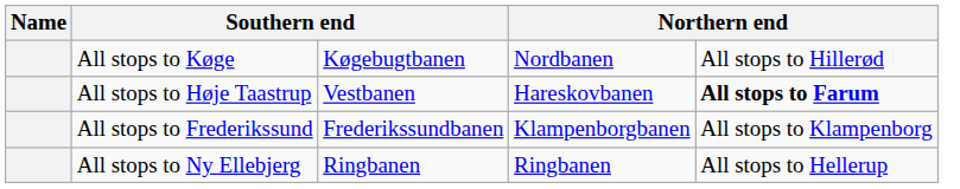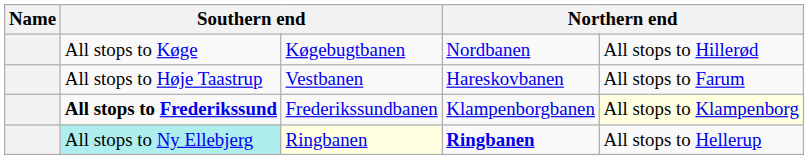 <table class="wikitable">
 <tr>
 <th>Name</th>
 <th colspan="2">Southern end</th>
 <th colspan="2">Northern end</th>
 </tr>
 <tr>
 <th></th>
 <td>All stops to <a href='#'>Køge</a></td>
 <td><a href='#'>Køgebugtbanen</a></td>
 <td><a href='#'>Nordbanen</a></td>
 <td>All stops to <a href='#'>Hillerød</a></td>
 </tr>
 <tr>
 <th></th>
 <td>All stops to <a href='#'>Høje Taastrup</a></td>
 <td><a href='#'>Vestbanen</a></td>
 <td><a href='#'>Hareskovbanen</a></td>
-<td><strong>All stops to <a href='#'>Farum</a></strong></td>
+<td>All stops to <a href='#'>Farum</a></td>
 </tr>
 <tr>
 <th></th>
-<td>All stops to <a href='#'>Frederikssund</a></td>
+<td><strong>All stops to <a href='#'>Frederikssund</a></strong></td>
 <td><a href='#'>Frederikssundbanen</a></td>
 <td><a href='#'>Klampenborgbanen</a></td>
-<td>All stops to <a href='#'>Klampenborg</a></td>
+<td style="background: lightyellow;">All stops to <a href='#'>Klampenborg</a></td>
 </tr>
 <tr>
 <th></th>
-<td>All stops to <a href='#'>Ny Ellebjerg</a></td>
-<td><a href='#'>Ringbanen</a></td>
-<td><a href='#'>Ringbanen</a></td>
+<td style="background: paleturquoise;">All stops to <a href='#'>Ny Ellebjerg</a></td>
+<td style="background: lightyellow;"><a href='#'>Ringbanen</a></td>
+<td><strong><a href='#'>Ringbanen</a></strong></td>
 <td>All stops to <a href='#'>Hellerup</a></td>
 </tr>
 </table>
